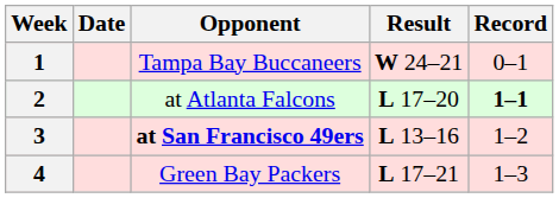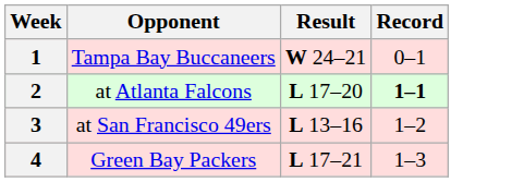 <table class="wikitable" style="text-align:center">
 <tr>
 <th>Week</th>
-<th>Date</th>
 <th>Opponent</th>
 <th>Result</th>
 <th>Record</th>
 </tr>
 <tr style="background:#fdd;">
 <th>1</th>
-<td></td>
 <td><a href='#'>Tampa Bay Buccaneers</a></td>
 <td><strong>W</strong> 24–21</td>
 <td>0–1</td>
 </tr>
 <tr style="background:#dfd;">
 <th>2</th>
-<td></td>
 <td>at <a href='#'>Atlanta Falcons</a></td>
 <td><strong>L</strong> 17–20</td>
 <td><strong>1–1</strong></td>
 </tr>
 <tr style="background:#fdd;">
 <th>3</th>
-<td></td>
-<td><strong>at <a href='#'>San Francisco 49ers</a></strong></td>
+<td>at <a href='#'>San Francisco 49ers</a></td>
 <td><strong>L</strong> 13–16</td>
 <td>1–2</td>
 </tr>
 <tr style="background:#fdd;">
 <th>4</th>
-<td></td>
 <td><a href='#'>Green Bay Packers</a></td>
 <td><strong>L</strong> 17–21</td>
 <td>1–3</td>
 </tr>
 </table>
